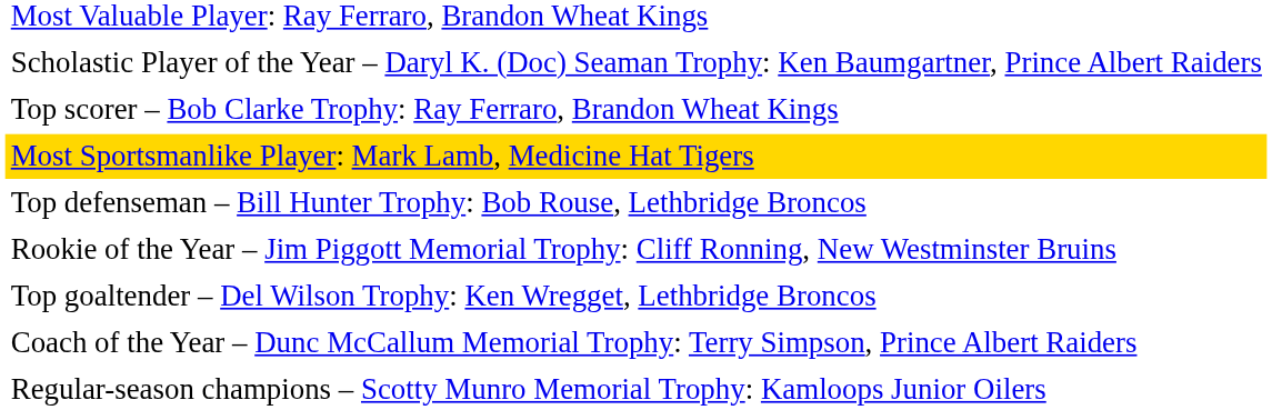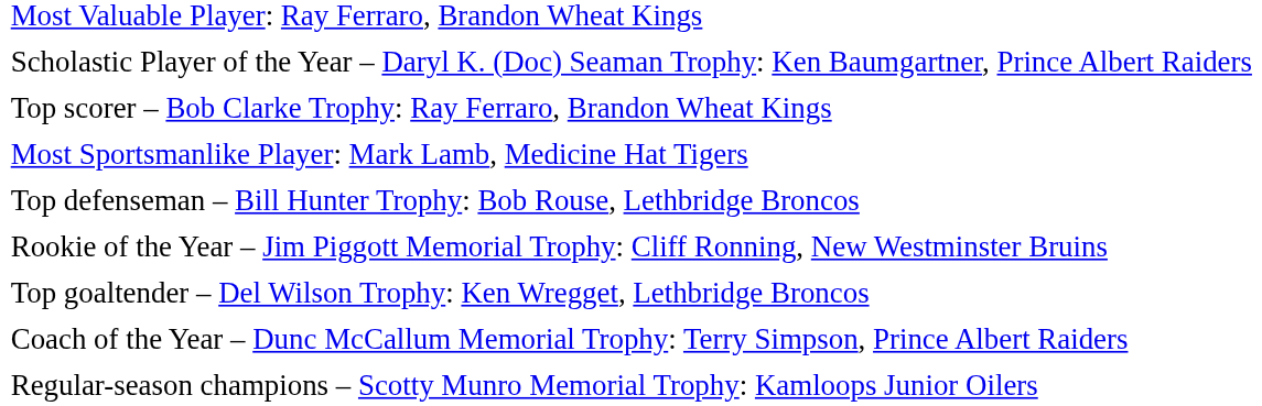 <table cellpadding="3" cellspacing="1">
 <tr>
 <td><a href='#'>Most Valuable Player</a>: <a href='#'>Ray Ferraro</a>, <a href='#'>Brandon Wheat Kings</a></td>
 </tr>
 <tr>
 <td>Scholastic Player of the Year – <a href='#'>Daryl K. (Doc) Seaman Trophy</a>: <a href='#'>Ken Baumgartner</a>, <a href='#'>Prince Albert Raiders</a></td>
 </tr>
 <tr>
 <td>Top scorer – <a href='#'>Bob Clarke Trophy</a>: <a href='#'>Ray Ferraro</a>, <a href='#'>Brandon Wheat Kings</a></td>
 </tr>
 <tr>
-<td style="background: gold;"><a href='#'>Most Sportsmanlike Player</a>: <a href='#'>Mark Lamb</a>, <a href='#'>Medicine Hat Tigers</a></td>
+<td><a href='#'>Most Sportsmanlike Player</a>: <a href='#'>Mark Lamb</a>, <a href='#'>Medicine Hat Tigers</a></td>
 </tr>
 <tr>
 <td>Top defenseman – <a href='#'>Bill Hunter Trophy</a>: <a href='#'>Bob Rouse</a>, <a href='#'>Lethbridge Broncos</a></td>
 </tr>
 <tr>
 <td>Rookie of the Year – <a href='#'>Jim Piggott Memorial Trophy</a>: <a href='#'>Cliff Ronning</a>, <a href='#'>New Westminster Bruins</a></td>
 </tr>
 <tr>
 <td>Top goaltender – <a href='#'>Del Wilson Trophy</a>: <a href='#'>Ken Wregget</a>, <a href='#'>Lethbridge Broncos</a></td>
 </tr>
 <tr>
 <td>Coach of the Year – <a href='#'>Dunc McCallum Memorial Trophy</a>: <a href='#'>Terry Simpson</a>, <a href='#'>Prince Albert Raiders</a></td>
 </tr>
 <tr>
 <td>Regular-season champions – <a href='#'>Scotty Munro Memorial Trophy</a>: <a href='#'>Kamloops Junior Oilers</a></td>
 </tr>
 </table>
